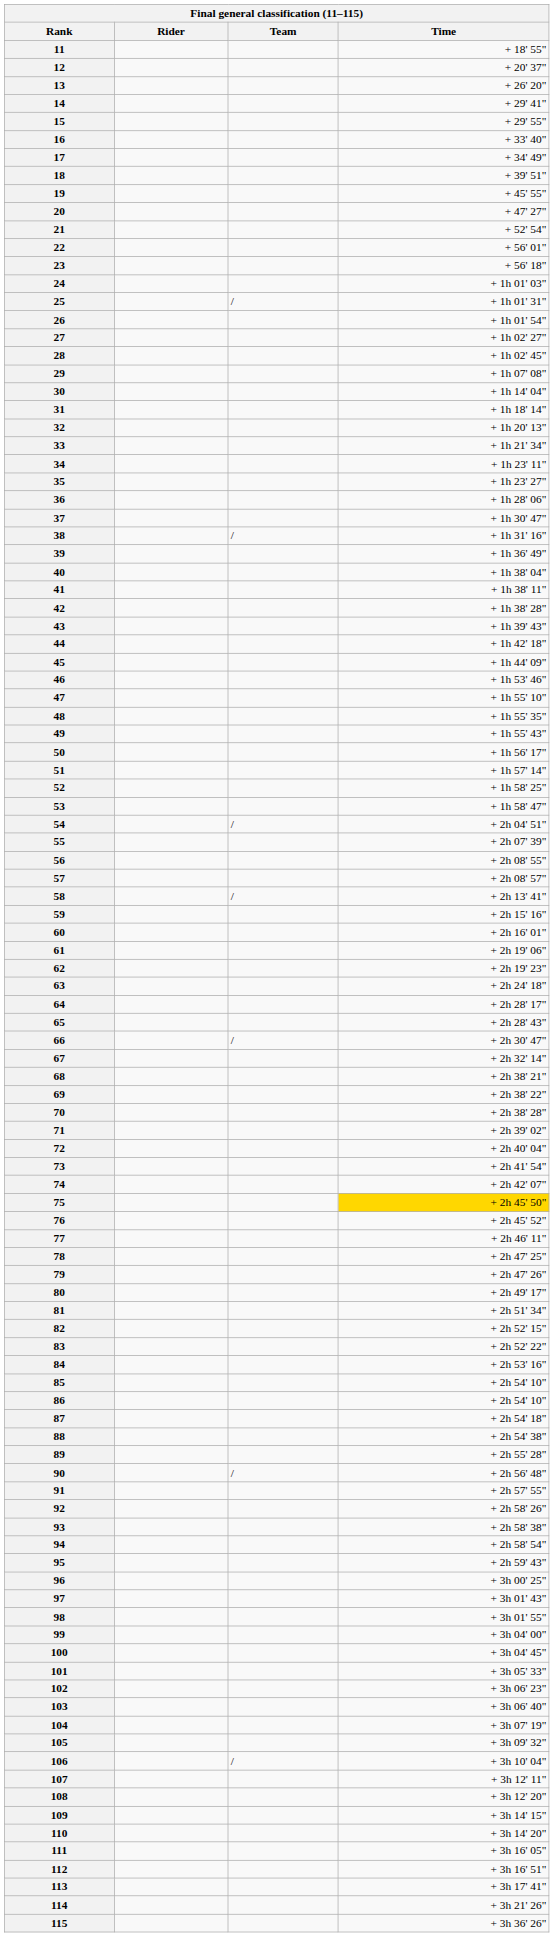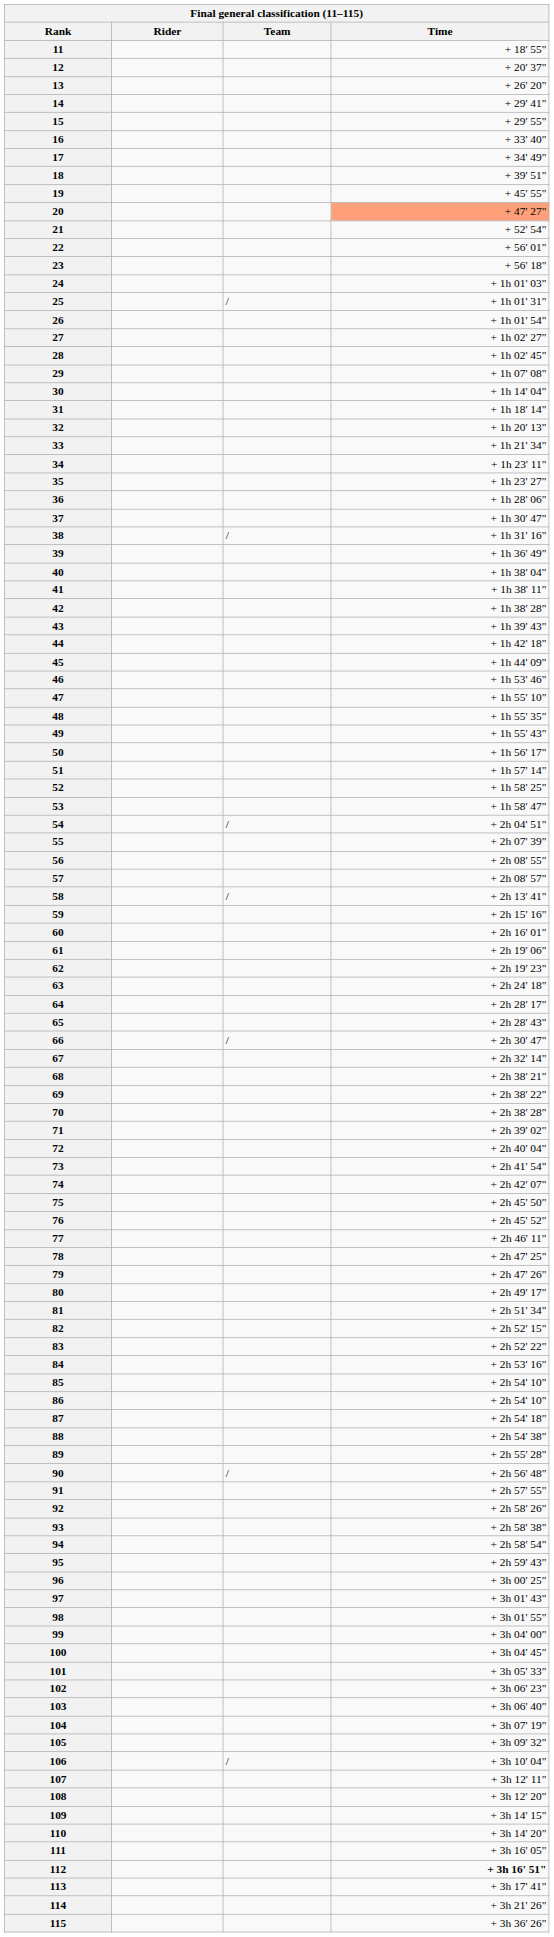 <table class="collapsible collapsed wikitable" style="width:48em;margin-top:-1px;">
 <tr>
 <th scope="col" colspan="4">Final general classification (11–115)</th>
 </tr>
 <tr>
 <th scope="col">Rank</th>
 <th scope="col">Rider</th>
 <th scope="col">Team</th>
 <th scope="col">Time</th>
 </tr>
 <tr |->
 <th scope="row">11</th>
 <td></td>
 <td></td>
 <td style="text-align:right;">+ 18' 55"</td>
 </tr>
 <tr>
 <th scope="row">12</th>
 <td></td>
 <td></td>
 <td style="text-align:right;">+ 20' 37"</td>
 </tr>
 <tr>
 <th scope="row">13</th>
 <td></td>
 <td></td>
 <td style="text-align:right;">+ 26' 20"</td>
 </tr>
 <tr>
 <th scope="row">14</th>
 <td></td>
 <td></td>
 <td style="text-align:right;">+ 29' 41"</td>
 </tr>
 <tr>
 <th scope="row">15</th>
 <td></td>
 <td></td>
 <td style="text-align:right;">+ 29' 55"</td>
 </tr>
 <tr>
 <th scope="row">16</th>
 <td></td>
 <td></td>
 <td style="text-align:right;">+ 33' 40"</td>
 </tr>
 <tr>
 <th scope="row">17</th>
 <td></td>
 <td></td>
 <td style="text-align:right;">+ 34' 49"</td>
 </tr>
 <tr>
 <th scope="row">18</th>
 <td></td>
 <td></td>
 <td style="text-align:right;">+ 39' 51"</td>
 </tr>
 <tr>
 <th scope="row">19</th>
 <td></td>
 <td></td>
 <td style="text-align:right;">+ 45' 55"</td>
 </tr>
 <tr>
 <th scope="row">20</th>
 <td></td>
 <td></td>
-<td style="text-align:right;">+ 47' 27"</td>
+<td style="background: lightsalmon; text-align:right;">+ 47' 27"</td>
 </tr>
 <tr>
 <th scope="row">21</th>
 <td></td>
 <td></td>
 <td style="text-align:right;">+ 52' 54"</td>
 </tr>
 <tr>
 <th scope="row">22</th>
 <td></td>
 <td></td>
 <td style="text-align:right;">+ 56' 01"</td>
 </tr>
 <tr>
 <th scope="row">23</th>
 <td></td>
 <td></td>
 <td style="text-align:right;">+ 56' 18"</td>
 </tr>
 <tr>
 <th scope="row">24</th>
 <td></td>
 <td></td>
 <td style="text-align:right;">+ 1h 01' 03"</td>
 </tr>
 <tr>
 <th scope="row">25</th>
 <td></td>
 <td>/</td>
 <td style="text-align:right;">+ 1h 01' 31"</td>
 </tr>
 <tr>
 <th scope="row">26</th>
 <td></td>
 <td></td>
 <td style="text-align:right;">+ 1h 01' 54"</td>
 </tr>
 <tr>
 <th scope="row">27</th>
 <td></td>
 <td></td>
 <td style="text-align:right;">+ 1h 02' 27"</td>
 </tr>
 <tr>
 <th scope="row">28</th>
 <td></td>
 <td></td>
 <td style="text-align:right;">+ 1h 02' 45"</td>
 </tr>
 <tr>
 <th scope="row">29</th>
 <td></td>
 <td></td>
 <td style="text-align:right;">+ 1h 07' 08"</td>
 </tr>
 <tr>
 <th scope="row">30</th>
 <td></td>
 <td></td>
 <td style="text-align:right;">+ 1h 14' 04"</td>
 </tr>
 <tr>
 <th scope="row">31</th>
 <td></td>
 <td></td>
 <td style="text-align:right;">+ 1h 18' 14"</td>
 </tr>
 <tr>
 <th scope="row">32</th>
 <td></td>
 <td></td>
 <td style="text-align:right;">+ 1h 20' 13"</td>
 </tr>
 <tr>
 <th scope="row">33</th>
 <td></td>
 <td></td>
 <td style="text-align:right;">+ 1h 21' 34"</td>
 </tr>
 <tr>
 <th scope="row">34</th>
 <td></td>
 <td></td>
 <td style="text-align:right;">+ 1h 23' 11"</td>
 </tr>
 <tr>
 <th scope="row">35</th>
 <td></td>
 <td></td>
 <td style="text-align:right;">+ 1h 23' 27"</td>
 </tr>
 <tr>
 <th scope="row">36</th>
 <td></td>
 <td></td>
 <td style="text-align:right;">+ 1h 28' 06"</td>
 </tr>
 <tr>
 <th scope="row">37</th>
 <td></td>
 <td></td>
 <td style="text-align:right;">+ 1h 30' 47"</td>
 </tr>
 <tr>
 <th scope="row">38</th>
 <td></td>
 <td>/</td>
 <td style="text-align:right;">+ 1h 31' 16"</td>
 </tr>
 <tr>
 <th scope="row">39</th>
 <td></td>
 <td></td>
 <td style="text-align:right;">+ 1h 36' 49"</td>
 </tr>
 <tr>
 <th scope="row">40</th>
 <td></td>
 <td></td>
 <td style="text-align:right;">+ 1h 38' 04"</td>
 </tr>
 <tr>
 <th scope="row">41</th>
 <td></td>
 <td></td>
 <td style="text-align:right;">+ 1h 38' 11"</td>
 </tr>
 <tr>
 <th scope="row">42</th>
 <td></td>
 <td></td>
 <td style="text-align:right;">+ 1h 38' 28"</td>
 </tr>
 <tr>
 <th scope="row">43</th>
 <td></td>
 <td></td>
 <td style="text-align:right;">+ 1h 39' 43"</td>
 </tr>
 <tr>
 <th scope="row">44</th>
 <td></td>
 <td></td>
 <td style="text-align:right;">+ 1h 42' 18"</td>
 </tr>
 <tr>
 <th scope="row">45</th>
 <td></td>
 <td></td>
 <td style="text-align:right;">+ 1h 44' 09"</td>
 </tr>
 <tr>
 <th scope="row">46</th>
 <td></td>
 <td></td>
 <td style="text-align:right;">+ 1h 53' 46"</td>
 </tr>
 <tr>
 <th scope="row">47</th>
 <td></td>
 <td></td>
 <td style="text-align:right;">+ 1h 55' 10"</td>
 </tr>
 <tr>
 <th scope="row">48</th>
 <td></td>
 <td></td>
 <td style="text-align:right;">+ 1h 55' 35"</td>
 </tr>
 <tr>
 <th scope="row">49</th>
 <td></td>
 <td></td>
 <td style="text-align:right;">+ 1h 55' 43"</td>
 </tr>
 <tr>
 <th scope="row">50</th>
 <td></td>
 <td></td>
 <td style="text-align:right;">+ 1h 56' 17"</td>
 </tr>
 <tr>
 <th scope="row">51</th>
 <td></td>
 <td></td>
 <td style="text-align:right;">+ 1h 57' 14"</td>
 </tr>
 <tr>
 <th scope="row">52</th>
 <td></td>
 <td></td>
 <td style="text-align:right;">+ 1h 58' 25"</td>
 </tr>
 <tr>
 <th scope="row">53</th>
 <td></td>
 <td></td>
 <td style="text-align:right;">+ 1h 58' 47"</td>
 </tr>
 <tr>
 <th scope="row">54</th>
 <td></td>
 <td>/</td>
 <td style="text-align:right;">+ 2h 04' 51"</td>
 </tr>
 <tr>
 <th scope="row">55</th>
 <td></td>
 <td></td>
 <td style="text-align:right;">+ 2h 07' 39"</td>
 </tr>
 <tr>
 <th scope="row">56</th>
 <td></td>
 <td></td>
 <td style="text-align:right;">+ 2h 08' 55"</td>
 </tr>
 <tr>
 <th scope="row">57</th>
 <td></td>
 <td></td>
 <td style="text-align:right;">+ 2h 08' 57"</td>
 </tr>
 <tr>
 <th scope="row">58</th>
 <td></td>
 <td>/</td>
 <td style="text-align:right;">+ 2h 13' 41"</td>
 </tr>
 <tr>
 <th scope="row">59</th>
 <td></td>
 <td></td>
 <td style="text-align:right;">+ 2h 15' 16"</td>
 </tr>
 <tr>
 <th scope="row">60</th>
 <td></td>
 <td></td>
 <td style="text-align:right;">+ 2h 16' 01"</td>
 </tr>
 <tr>
 <th scope="row">61</th>
 <td></td>
 <td></td>
 <td style="text-align:right;">+ 2h 19' 06"</td>
 </tr>
 <tr>
 <th scope="row">62</th>
 <td></td>
 <td></td>
 <td style="text-align:right;">+ 2h 19' 23"</td>
 </tr>
 <tr>
 <th scope="row">63</th>
 <td></td>
 <td></td>
 <td style="text-align:right;">+ 2h 24' 18"</td>
 </tr>
 <tr>
 <th scope="row">64</th>
 <td></td>
 <td></td>
 <td style="text-align:right;">+ 2h 28' 17"</td>
 </tr>
 <tr>
 <th scope="row">65</th>
 <td></td>
 <td></td>
 <td style="text-align:right;">+ 2h 28' 43"</td>
 </tr>
 <tr>
 <th scope="row">66</th>
 <td></td>
 <td>/</td>
 <td style="text-align:right;">+ 2h 30' 47"</td>
 </tr>
 <tr>
 <th scope="row">67</th>
 <td></td>
 <td></td>
 <td style="text-align:right;">+ 2h 32' 14"</td>
 </tr>
 <tr>
 <th scope="row">68</th>
 <td></td>
 <td></td>
 <td style="text-align:right;">+ 2h 38' 21"</td>
 </tr>
 <tr>
 <th scope="row">69</th>
 <td></td>
 <td></td>
 <td style="text-align:right;">+ 2h 38' 22"</td>
 </tr>
 <tr>
 <th scope="row">70</th>
 <td></td>
 <td></td>
 <td style="text-align:right;">+ 2h 38' 28"</td>
 </tr>
 <tr>
 <th scope="row">71</th>
 <td></td>
 <td></td>
 <td style="text-align:right;">+ 2h 39' 02"</td>
 </tr>
 <tr>
 <th scope="row">72</th>
 <td></td>
 <td></td>
 <td style="text-align:right;">+ 2h 40' 04"</td>
 </tr>
 <tr>
 <th scope="row">73</th>
 <td></td>
 <td></td>
 <td style="text-align:right;">+ 2h 41' 54"</td>
 </tr>
 <tr>
 <th scope="row">74</th>
 <td></td>
 <td></td>
 <td style="text-align:right;">+ 2h 42' 07"</td>
 </tr>
 <tr>
 <th scope="row">75</th>
 <td></td>
 <td></td>
-<td style="background: gold; text-align:right;">+ 2h 45' 50"</td>
+<td style="text-align:right;">+ 2h 45' 50"</td>
 </tr>
 <tr>
 <th scope="row">76</th>
 <td></td>
 <td></td>
 <td style="text-align:right;">+ 2h 45' 52"</td>
 </tr>
 <tr>
 <th scope="row">77</th>
 <td></td>
 <td></td>
 <td style="text-align:right;">+ 2h 46' 11"</td>
 </tr>
 <tr>
 <th scope="row">78</th>
 <td></td>
 <td></td>
 <td style="text-align:right;">+ 2h 47' 25"</td>
 </tr>
 <tr>
 <th scope="row">79</th>
 <td></td>
 <td></td>
 <td style="text-align:right;">+ 2h 47' 26"</td>
 </tr>
 <tr>
 <th scope="row">80</th>
 <td></td>
 <td></td>
 <td style="text-align:right;">+ 2h 49' 17"</td>
 </tr>
 <tr>
 <th scope="row">81</th>
 <td></td>
 <td></td>
 <td style="text-align:right;">+ 2h 51' 34"</td>
 </tr>
 <tr>
 <th scope="row">82</th>
 <td></td>
 <td></td>
 <td style="text-align:right;">+ 2h 52' 15"</td>
 </tr>
 <tr>
 <th scope="row">83</th>
 <td></td>
 <td></td>
 <td style="text-align:right;">+ 2h 52' 22"</td>
 </tr>
 <tr>
 <th scope="row">84</th>
 <td></td>
 <td></td>
 <td style="text-align:right;">+ 2h 53' 16"</td>
 </tr>
 <tr>
 <th scope="row">85</th>
 <td></td>
 <td></td>
 <td style="text-align:right;">+ 2h 54' 10"</td>
 </tr>
 <tr>
 <th scope="row">86</th>
 <td></td>
 <td></td>
 <td style="text-align:right;">+ 2h 54' 10"</td>
 </tr>
 <tr>
 <th scope="row">87</th>
 <td></td>
 <td></td>
 <td style="text-align:right;">+ 2h 54' 18"</td>
 </tr>
 <tr>
 <th scope="row">88</th>
 <td></td>
 <td></td>
 <td style="text-align:right;">+ 2h 54' 38"</td>
 </tr>
 <tr>
 <th scope="row">89</th>
 <td></td>
 <td></td>
 <td style="text-align:right;">+ 2h 55' 28"</td>
 </tr>
 <tr>
 <th scope="row">90</th>
 <td></td>
 <td>/</td>
 <td style="text-align:right;">+ 2h 56' 48"</td>
 </tr>
 <tr>
 <th scope="row">91</th>
 <td></td>
 <td></td>
 <td style="text-align:right;">+ 2h 57' 55"</td>
 </tr>
 <tr>
 <th scope="row">92</th>
 <td></td>
 <td></td>
 <td style="text-align:right;">+ 2h 58' 26"</td>
 </tr>
 <tr>
 <th scope="row">93</th>
 <td></td>
 <td></td>
 <td style="text-align:right;">+ 2h 58' 38"</td>
 </tr>
 <tr>
 <th scope="row">94</th>
 <td></td>
 <td></td>
 <td style="text-align:right;">+ 2h 58' 54"</td>
 </tr>
 <tr>
 <th scope="row">95</th>
 <td></td>
 <td></td>
 <td style="text-align:right;">+ 2h 59' 43"</td>
 </tr>
 <tr>
 <th scope="row">96</th>
 <td></td>
 <td></td>
 <td style="text-align:right;">+ 3h 00' 25"</td>
 </tr>
 <tr>
 <th scope="row">97</th>
 <td></td>
 <td></td>
 <td style="text-align:right;">+ 3h 01' 43"</td>
 </tr>
 <tr>
 <th scope="row">98</th>
 <td></td>
 <td></td>
 <td style="text-align:right;">+ 3h 01' 55"</td>
 </tr>
 <tr>
 <th scope="row">99</th>
 <td></td>
 <td></td>
 <td style="text-align:right;">+ 3h 04' 00"</td>
 </tr>
 <tr>
 <th scope="row">100</th>
 <td></td>
 <td></td>
 <td style="text-align:right;">+ 3h 04' 45"</td>
 </tr>
 <tr>
 <th scope="row">101</th>
 <td></td>
 <td></td>
 <td style="text-align:right;">+ 3h 05' 33"</td>
 </tr>
 <tr>
 <th scope="row">102</th>
 <td></td>
 <td></td>
 <td style="text-align:right;">+ 3h 06' 23"</td>
 </tr>
 <tr>
 <th scope="row">103</th>
 <td></td>
 <td></td>
 <td style="text-align:right;">+ 3h 06' 40"</td>
 </tr>
 <tr>
 <th scope="row">104</th>
 <td></td>
 <td></td>
 <td style="text-align:right;">+ 3h 07' 19"</td>
 </tr>
 <tr>
 <th scope="row">105</th>
 <td></td>
 <td></td>
 <td style="text-align:right;">+ 3h 09' 32"</td>
 </tr>
 <tr>
 <th scope="row">106</th>
 <td></td>
 <td>/</td>
 <td style="text-align:right;">+ 3h 10' 04"</td>
 </tr>
 <tr>
 <th scope="row">107</th>
 <td></td>
 <td></td>
 <td style="text-align:right;">+ 3h 12' 11"</td>
 </tr>
 <tr>
 <th scope="row">108</th>
 <td></td>
 <td></td>
 <td style="text-align:right;">+ 3h 12' 20"</td>
 </tr>
 <tr>
 <th scope="row">109</th>
 <td></td>
 <td></td>
 <td style="text-align:right;">+ 3h 14' 15"</td>
 </tr>
 <tr>
 <th scope="row">110</th>
 <td></td>
 <td></td>
 <td style="text-align:right;">+ 3h 14' 20"</td>
 </tr>
 <tr>
 <th scope="row">111</th>
 <td></td>
 <td></td>
 <td style="text-align:right;">+ 3h 16' 05"</td>
 </tr>
 <tr>
 <th scope="row">112</th>
 <td></td>
 <td></td>
-<td style="text-align:right;">+ 3h 16' 51"</td>
+<td style="text-align:right;"><strong>+ 3h 16' 51"</strong></td>
 </tr>
 <tr>
 <th scope="row">113</th>
 <td></td>
 <td></td>
 <td style="text-align:right;">+ 3h 17' 41"</td>
 </tr>
 <tr>
 <th scope="row">114</th>
 <td></td>
 <td></td>
 <td style="text-align:right;">+ 3h 21' 26"</td>
 </tr>
 <tr>
 <th scope="row">115</th>
 <td></td>
 <td></td>
 <td style="text-align:right;">+ 3h 36' 26"</td>
 </tr>
 </table>
